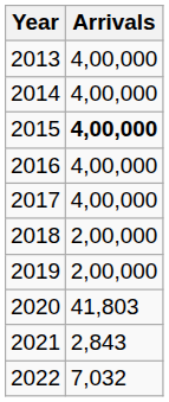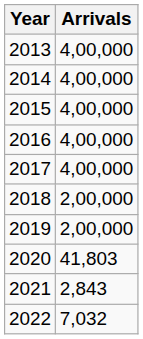 <table class="wikitable">
 <tr>
 <th>Year</th>
 <th>Arrivals</th>
 </tr>
 <tr>
 <td>2013</td>
 <td>4,00,000</td>
 </tr>
 <tr>
 <td>2014</td>
 <td>4,00,000</td>
 </tr>
 <tr>
 <td>2015</td>
-<td><strong>4,00,000</strong></td>
+<td>4,00,000</td>
 </tr>
 <tr>
 <td>2016</td>
 <td>4,00,000</td>
 </tr>
 <tr>
 <td>2017</td>
 <td>4,00,000</td>
 </tr>
 <tr>
 <td>2018</td>
 <td>2,00,000</td>
 </tr>
 <tr>
 <td>2019</td>
 <td>2,00,000</td>
 </tr>
 <tr>
 <td>2020</td>
 <td>41,803</td>
 </tr>
 <tr>
 <td>2021</td>
 <td>2,843</td>
 </tr>
 <tr>
 <td>2022</td>
 <td>7,032</td>
 </tr>
 </table>
